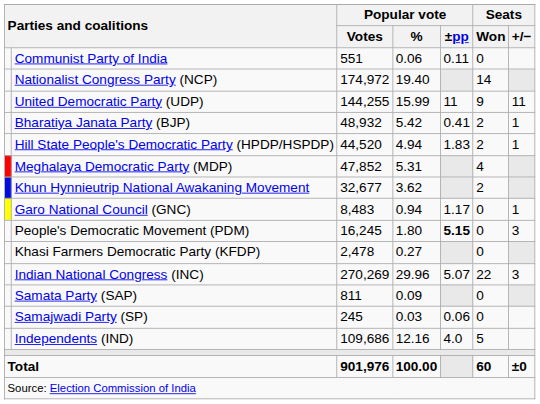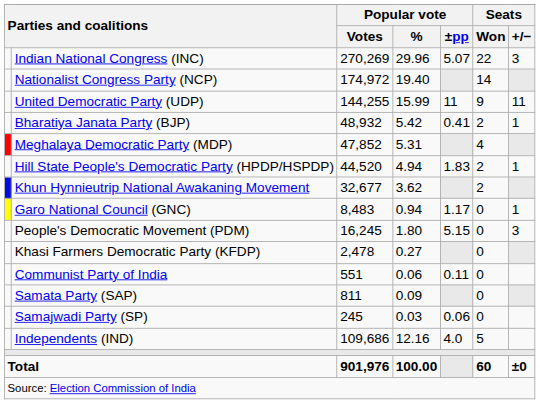 <table class="wikitable">
 <tr>
 </tr>
 <tr>
 <th style="text-align:left;" rowspan="2" colspan="2">Parties and coalitions</th>
 <th colspan="3">Popular vote</th>
 <th colspan="2">Seats</th>
 </tr>
 <tr>
 <th>Votes</th>
 <th>%</th>
 <th>±<a href='#'>pp</a></th>
 <th>Won</th>
 <th>+/−</th>
 </tr>
 <tr>
-<td style="color:inherit;background:"></td>
-<td align="left"><a href='#'>Communist Party of India</a></td>
-<td>551</td>
-<td>0.06</td>
-<td>0.11 </td>
-<td>0</td>
-<td></td>
+<td width="1" style="color:inherit;background:"></td>
+<td align="left"><a href='#'>Indian National Congress</a> (INC)</td>
+<td>270,269</td>
+<td>29.96</td>
+<td>5.07 </td>
+<td>22</td>
+<td>3 </td>
 </tr>
 <tr>
 <td style="color:inherit;background:"></td>
 <td align="left"><a href='#'>Nationalist Congress Party</a> (NCP)</td>
 <td>174,972</td>
 <td>19.40</td>
 <td bgcolor="#E9E9E9"></td>
 <td>14</td>
 <td bgcolor="#E9E9E9"></td>
 </tr>
 <tr>
 <td style="color:inherit;background:"></td>
 <td align="left"><a href='#'>United Democratic Party</a> (UDP)</td>
 <td>144,255</td>
 <td>15.99</td>
 <td>11 </td>
 <td>9</td>
 <td>11 </td>
 </tr>
 <tr>
 <td style="color:inherit;background:"></td>
 <td align="left"><a href='#'>Bharatiya Janata Party</a> (BJP)</td>
 <td>48,932</td>
 <td>5.42</td>
 <td>0.41 </td>
 <td>2</td>
 <td>1 </td>
 </tr>
 <tr>
+<td bgcolor="red"></td>
+<td align="left"><a href='#'>Meghalaya Democratic Party</a> (MDP)</td>
+<td>47,852</td>
+<td>5.31</td>
+<td style="color:inherit;background:#E9E9E9"></td>
+<td>4</td>
+<td style="color:inherit;background:#E9E9E9"></td>
+</tr>
+<tr>
 <td style="color:inherit;background:"></td>
 <td align="left"><a href='#'>Hill State People's Democratic Party</a> (HPDP/HSPDP)</td>
 <td>44,520</td>
 <td>4.94</td>
 <td>1.83 </td>
 <td>2</td>
 <td>1 </td>
-</tr>
-<tr>
-<td bgcolor="red"></td>
-<td align="left"><a href='#'>Meghalaya Democratic Party</a> (MDP)</td>
-<td>47,852</td>
-<td>5.31</td>
-<td style="color:inherit;background:#E9E9E9"></td>
-<td>4</td>
-<td style="color:inherit;background:#E9E9E9"></td>
 </tr>
 <tr>
 <td bgcolor="light blue"></td>
 <td align="left"><a href='#'>Khun Hynnieutrip National Awakaning Movement</a></td>
 <td>32,677</td>
 <td>3.62</td>
 <td style="color:inherit;background:#E9E9E9"></td>
 <td>2</td>
 <td style="color:inherit;background:#E9E9E9"></td>
 </tr>
 <tr>
 <td bgcolor="yellow"></td>
 <td align="left"><a href='#'>Garo National Council</a> (GNC)</td>
 <td>8,483</td>
 <td>0.94</td>
 <td>1.17 </td>
 <td>0</td>
 <td>1 </td>
 </tr>
 <tr>
 <td></td>
 <td align="left">People's Democratic Movement (PDM)</td>
 <td>16,245</td>
 <td>1.80</td>
-<td><strong>5.15 </strong></td>
+<td>5.15 </td>
 <td>0</td>
 <td>3 </td>
 </tr>
 <tr>
 <td></td>
 <td align="left">Khasi Farmers Democratic Party (KFDP)</td>
 <td>2,478</td>
 <td>0.27</td>
 <td style="color:inherit;background:#E9E9E9"></td>
 <td>0</td>
 <td style="color:inherit;background:#E9E9E9"></td>
 </tr>
 <tr>
-<td width="1" style="color:inherit;background:"></td>
-<td align="left"><a href='#'>Indian National Congress</a> (INC)</td>
-<td>270,269</td>
-<td>29.96</td>
-<td>5.07 </td>
-<td>22</td>
-<td>3 </td>
+<td style="color:inherit;background:"></td>
+<td align="left"><a href='#'>Communist Party of India</a></td>
+<td>551</td>
+<td>0.06</td>
+<td>0.11 </td>
+<td>0</td>
+<td></td>
 </tr>
 <tr>
 <td style="color:inherit;background:"></td>
 <td align="left"><a href='#'>Samata Party</a> (SAP)</td>
 <td>811</td>
 <td>0.09</td>
 <td style="color:inherit;background:#E9E9E9"></td>
 <td>0</td>
 <td style="color:inherit;background:#E9E9E9"></td>
 </tr>
 <tr>
 <td style="color:inherit;background:"></td>
 <td align="left"><a href='#'>Samajwadi Party</a> (SP)</td>
 <td>245</td>
 <td>0.03</td>
 <td>0.06 </td>
 <td>0</td>
 <td></td>
 </tr>
 <tr>
 <td style="color:inherit;background:"></td>
 <td align="left"><a href='#'>Independents</a> (IND)</td>
 <td>109,686</td>
 <td>12.16</td>
 <td>4.0 </td>
 <td>5</td>
 <td></td>
 </tr>
 <tr>
 <td colspan="7" bgcolor="#E9E9E9"></td>
 </tr>
 <tr style="font-weight:bold;">
 <td align="left" colspan="2">Total</td>
 <td>901,976</td>
 <td>100.00</td>
 <td bgcolor="#E9E9E9"></td>
 <td>60</td>
 <td>±0</td>
 </tr>
 <tr>
 <td style="text-align:left;" colspan="7"><small>Source: <a href='#'>Election Commission of India</a></small></td>
 </tr>
 </table>
